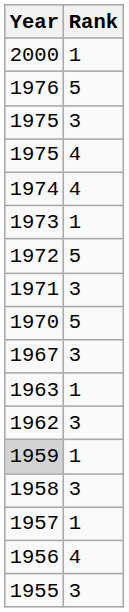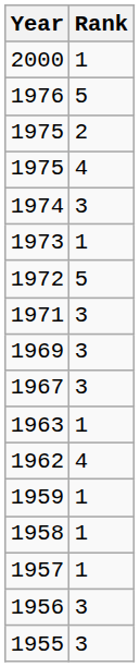 <table class="wikitable sortable">
 <tr>
 <th>Year</th>
 <th>Rank</th>
 </tr>
 <tr>
 <td>2000</td>
 <td>1</td>
 </tr>
 <tr>
 <td>1976</td>
 <td>5</td>
 </tr>
 <tr>
 <td>1975</td>
-<td>3</td>
+<td>2</td>
 </tr>
 <tr>
 <td>1975</td>
 <td>4</td>
 </tr>
 <tr>
 <td>1974</td>
-<td>4</td>
+<td>3</td>
 </tr>
 <tr>
 <td>1973</td>
 <td>1</td>
 </tr>
 <tr>
 <td>1972</td>
 <td>5</td>
 </tr>
 <tr>
 <td>1971</td>
 <td>3</td>
 </tr>
 <tr>
-<td>1970</td>
-<td>5</td>
+<td>1969</td>
+<td>3</td>
 </tr>
 <tr>
 <td>1967</td>
 <td>3</td>
 </tr>
 <tr>
 <td>1963</td>
 <td>1</td>
 </tr>
 <tr>
 <td>1962</td>
-<td>3</td>
+<td>4</td>
 </tr>
 <tr>
-<td style="background: lightgrey;">1959</td>
+<td>1959</td>
 <td>1</td>
 </tr>
 <tr>
 <td>1958</td>
-<td>3</td>
+<td>1</td>
 </tr>
 <tr>
 <td>1957</td>
 <td>1</td>
 </tr>
 <tr>
 <td>1956</td>
-<td>4</td>
+<td>3</td>
 </tr>
 <tr>
 <td>1955</td>
 <td>3</td>
 </tr>
 </table>
